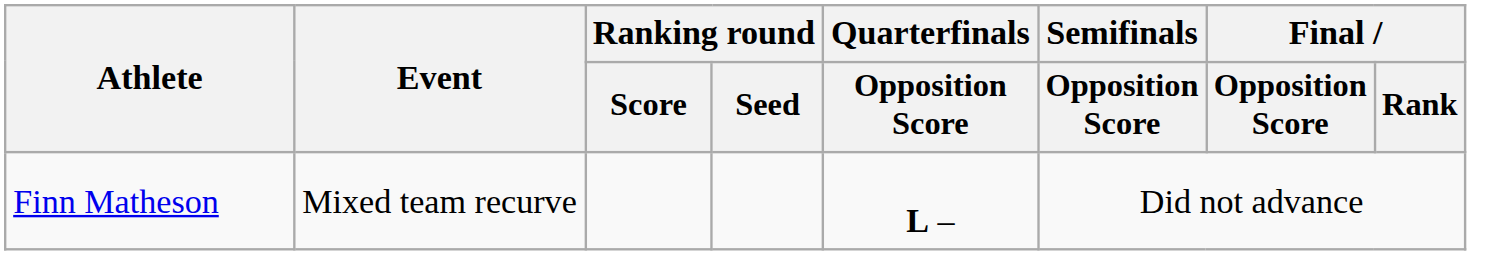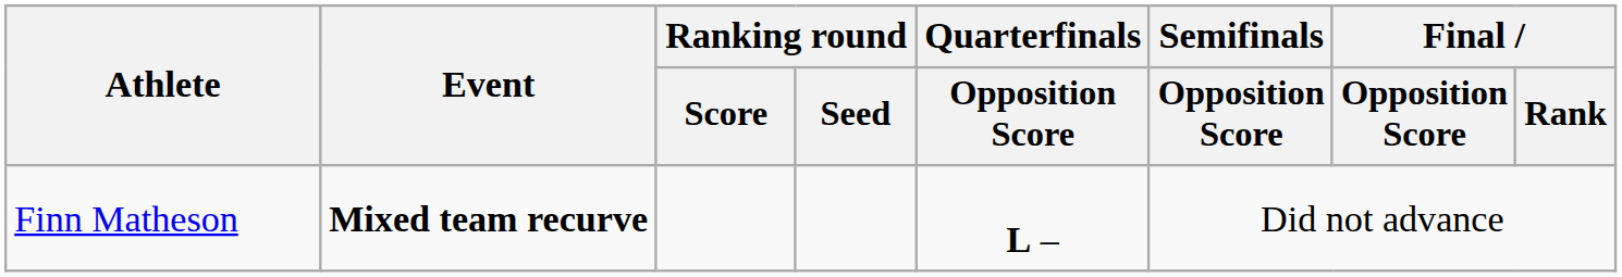 <table class=wikitable style=font-size:90%;text-align:center>
 <tr>
 <th rowspan=2 style="width:8em;">Athlete</th>
 <th rowspan=2>Event</th>
 <th colspan=2>Ranking round</th>
 <th>Quarterfinals</th>
 <th>Semifinals</th>
 <th colspan=2>Final / </th>
 </tr>
 <tr style="font-size:95%">
 <th>Score</th>
 <th>Seed</th>
 <th>Opposition<br>Score</th>
 <th>Opposition<br>Score</th>
 <th>Opposition<br>Score</th>
 <th>Rank</th>
 </tr>
 <tr>
 <td align=left><a href='#'>Finn Matheson</a><br></td>
-<td align=left>Mixed team recurve</td>
+<td align=left><strong>Mixed team recurve</strong></td>
 <td></td>
 <td></td>
 <td><br> <strong>L</strong> –</td>
 <td colspan="3">Did not advance</td>
 </tr>
 </table>
